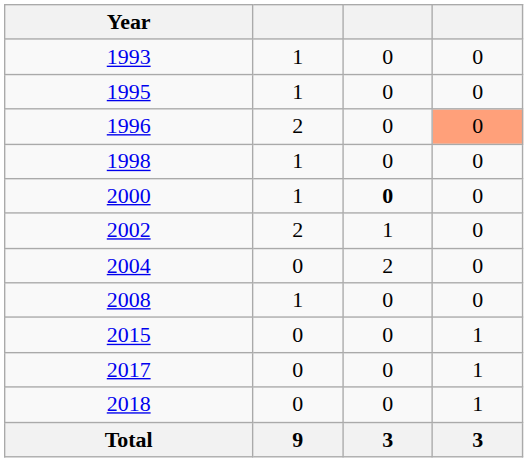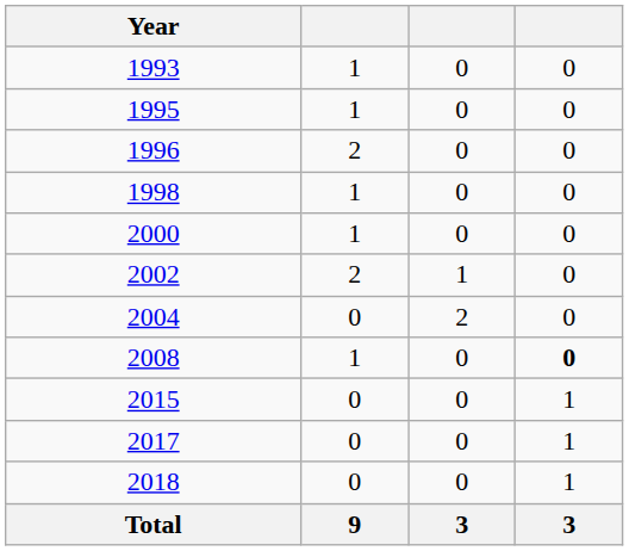 <table class="wikitable" width=30% style="font-size:100%; text-align:center;">
 <tr>
 <th>Year</th>
 <th></th>
 <th></th>
 <th></th>
 </tr>
 <tr>
 <td><a href='#'>1993</a></td>
 <td>1</td>
 <td>0</td>
 <td>0</td>
 </tr>
 <tr>
 <td><a href='#'>1995</a></td>
 <td>1</td>
 <td>0</td>
 <td>0</td>
 </tr>
 <tr>
 <td><a href='#'>1996</a></td>
 <td>2</td>
 <td>0</td>
-<td style="background: lightsalmon;">0</td>
+<td>0</td>
 </tr>
 <tr>
 <td><a href='#'>1998</a></td>
 <td>1</td>
 <td>0</td>
 <td>0</td>
 </tr>
 <tr>
 <td><a href='#'>2000</a></td>
 <td>1</td>
-<td><strong>0</strong></td>
+<td>0</td>
 <td>0</td>
 </tr>
 <tr>
 <td><a href='#'>2002</a></td>
 <td>2</td>
 <td>1</td>
 <td>0</td>
 </tr>
 <tr>
 <td><a href='#'>2004</a></td>
 <td>0</td>
 <td>2</td>
 <td>0</td>
 </tr>
 <tr>
 <td><a href='#'>2008</a></td>
 <td>1</td>
 <td>0</td>
-<td>0</td>
+<td><strong>0</strong></td>
 </tr>
 <tr>
 <td><a href='#'>2015</a></td>
 <td>0</td>
 <td>0</td>
 <td>1</td>
 </tr>
 <tr>
 <td><a href='#'>2017</a></td>
 <td>0</td>
 <td>0</td>
 <td>1</td>
 </tr>
 <tr>
 <td><a href='#'>2018</a></td>
 <td>0</td>
 <td>0</td>
 <td>1</td>
 </tr>
 <tr>
 <th>Total</th>
 <th>9</th>
 <th>3</th>
 <th>3</th>
 </tr>
 </table>
